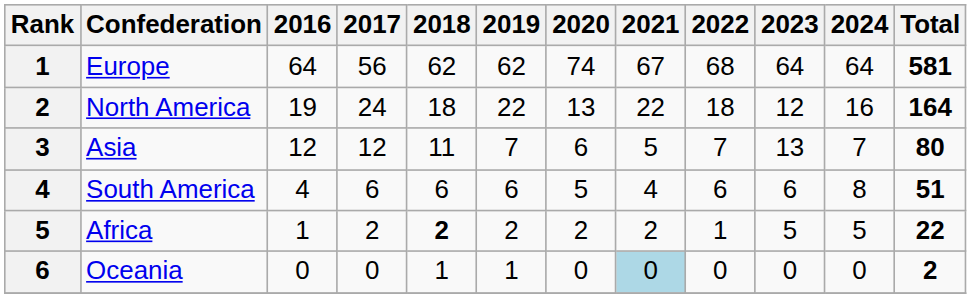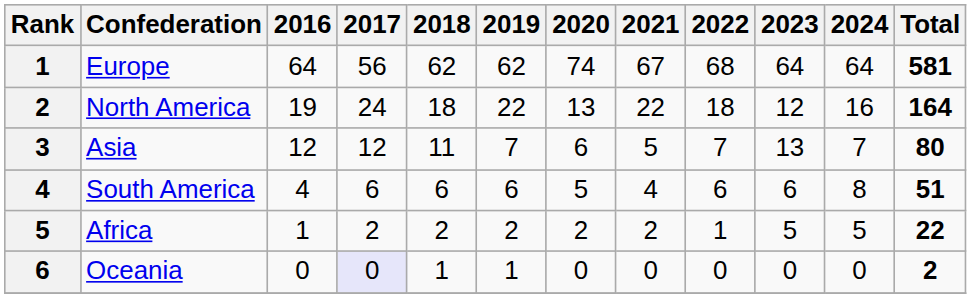 <table class="wikitable sortable" style="text-align: center">
 <tr>
 <th>Rank</th>
 <th>Confederation</th>
 <th>2016</th>
 <th>2017</th>
 <th>2018</th>
 <th>2019</th>
 <th>2020</th>
 <th>2021</th>
 <th>2022</th>
 <th>2023</th>
 <th>2024</th>
 <th>Total</th>
 </tr>
 <tr>
 <th>1</th>
 <td style="text-align:left;"><a href='#'>Europe</a></td>
 <td>64</td>
 <td>56</td>
 <td>62</td>
 <td>62</td>
 <td>74</td>
 <td>67</td>
 <td>68</td>
 <td>64</td>
 <td>64</td>
 <td><strong>581</strong></td>
 </tr>
 <tr>
 <th>2</th>
 <td style="text-align:left;"><a href='#'>North America</a></td>
 <td>19</td>
 <td>24</td>
 <td>18</td>
 <td>22</td>
 <td>13</td>
 <td>22</td>
 <td>18</td>
 <td>12</td>
 <td>16</td>
 <td><strong>164</strong></td>
 </tr>
 <tr>
 <th>3</th>
 <td style="text-align:left;"><a href='#'>Asia</a></td>
 <td>12</td>
 <td>12</td>
 <td>11</td>
 <td>7</td>
 <td>6</td>
 <td>5</td>
 <td>7</td>
 <td>13</td>
 <td>7</td>
 <td><strong>80</strong></td>
 </tr>
 <tr>
 <th>4</th>
 <td style="text-align:left;"><a href='#'>South America</a></td>
 <td>4</td>
 <td>6</td>
 <td>6</td>
 <td>6</td>
 <td>5</td>
 <td>4</td>
 <td>6</td>
 <td>6</td>
 <td>8</td>
 <td><strong>51</strong></td>
 </tr>
 <tr>
 <th>5</th>
 <td style="text-align:left;"><a href='#'>Africa</a></td>
 <td>1</td>
 <td>2</td>
-<td><strong>2</strong></td>
+<td>2</td>
 <td>2</td>
 <td>2</td>
 <td>2</td>
 <td>1</td>
 <td>5</td>
 <td>5</td>
 <td><strong>22</strong></td>
 </tr>
 <tr>
 <th>6</th>
 <td style="text-align:left;"><a href='#'>Oceania</a></td>
 <td>0</td>
-<td>0</td>
+<td style="background: lavender;">0</td>
 <td>1</td>
 <td>1</td>
 <td>0</td>
-<td style="background: lightblue;">0</td>
+<td>0</td>
 <td>0</td>
 <td>0</td>
 <td>0</td>
 <td><strong>2</strong></td>
 </tr>
 <tr>
 </tr>
 </table>
